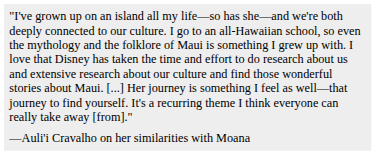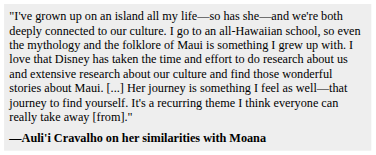 <table class="toccolours" style="float:right; margin-left:1em; margin-right:2em; font-size:85%; background:#eee; color:black; width:30em; max-width:40%;" cellspacing="5">
 <tr>
 <td style="text-align: left;">"I've grown up on an island all my life—so has she—and we're both deeply connected to our culture. I go to an all-Hawaiian school, so even the mythology and the folklore of Maui is something I grew up with. I love that Disney has taken the time and effort to do research about us and extensive research about our culture and find those wonderful stories about Maui. [...] Her journey is something I feel as well—that journey to find yourself. It's a recurring theme I think everyone can really take away [from]."</td>
 </tr>
 <tr>
-<td style="text-align: left;">—Auli'i Cravalho on her similarities with Moana</td>
+<td style="text-align: left;"><strong>—Auli'i Cravalho on her similarities with Moana</strong></td>
 </tr>
 </table>
